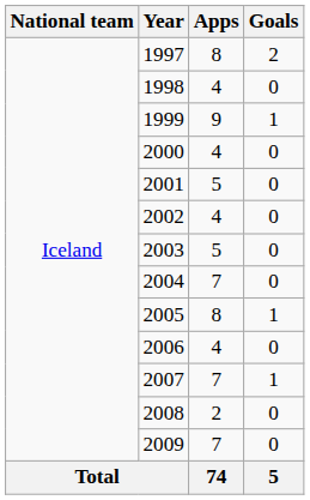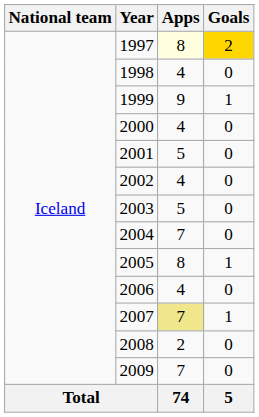 <table class=wikitable style="text-align: center">
 <tr>
 <th>National team</th>
 <th>Year</th>
 <th>Apps</th>
 <th>Goals</th>
 </tr>
 <tr>
 <td rowspan=13><a href='#'>Iceland</a></td>
 <td>1997</td>
-<td>8</td>
-<td>2</td>
+<td style="background: lightyellow;">8</td>
+<td style="background: gold;">2</td>
 </tr>
 <tr>
 <td>1998</td>
 <td>4</td>
 <td>0</td>
 </tr>
 <tr>
 <td>1999</td>
 <td>9</td>
 <td>1</td>
 </tr>
 <tr>
 <td>2000</td>
 <td>4</td>
 <td>0</td>
 </tr>
 <tr>
 <td>2001</td>
 <td>5</td>
 <td>0</td>
 </tr>
 <tr>
 <td>2002</td>
 <td>4</td>
 <td>0</td>
 </tr>
 <tr>
 <td>2003</td>
 <td>5</td>
 <td>0</td>
 </tr>
 <tr>
 <td>2004</td>
 <td>7</td>
 <td>0</td>
 </tr>
 <tr>
 <td>2005</td>
 <td>8</td>
 <td>1</td>
 </tr>
 <tr>
 <td>2006</td>
 <td>4</td>
 <td>0</td>
 </tr>
 <tr>
 <td>2007</td>
-<td>7</td>
+<td style="background: khaki;">7</td>
 <td>1</td>
 </tr>
 <tr>
 <td>2008</td>
 <td>2</td>
 <td>0</td>
 </tr>
 <tr>
 <td>2009</td>
 <td>7</td>
 <td>0</td>
 </tr>
 <tr>
 <th colspan=2>Total</th>
 <th>74</th>
 <th>5</th>
 </tr>
 </table>
